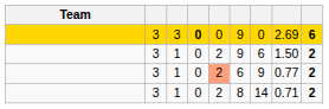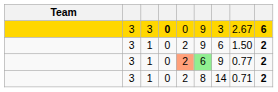 <table class="wikitable" style="text-align: center;">
 <tr>
 <th width=175>Team</th>
 <th width=20></th>
 <th width=20></th>
 <th width=20></th>
 <th width=20></th>
 <th width=20></th>
 <th width=20></th>
 <th width=20></th>
 <th width=20></th>
 </tr>
 <tr bgcolor=gold>
 <td style="text-align:left;"></td>
 <td>3</td>
 <td>3</td>
 <td><strong>0</strong></td>
 <td>0</td>
 <td>9</td>
-<td>0</td>
-<td>2.69</td>
+<td>3</td>
+<td>2.67</td>
 <td><strong>6</strong></td>
 </tr>
 <tr>
 <td style="text-align:left;"></td>
 <td>3</td>
 <td>1</td>
 <td>0</td>
 <td>2</td>
 <td>9</td>
 <td>6</td>
 <td>1.50</td>
 <td><strong>2</strong></td>
 </tr>
 <tr>
 <td style="text-align:left;"></td>
 <td>3</td>
 <td>1</td>
 <td>0</td>
 <td style="background: lightsalmon;">2</td>
-<td>6</td>
+<td style="background: lightgreen;">6</td>
 <td>9</td>
 <td>0.77</td>
 <td><strong>2</strong></td>
 </tr>
 <tr>
 <td style="text-align:left;"></td>
 <td>3</td>
 <td>1</td>
 <td>0</td>
 <td>2</td>
 <td>8</td>
 <td>14</td>
 <td>0.71</td>
 <td><strong>2</strong></td>
 </tr>
 </table>
